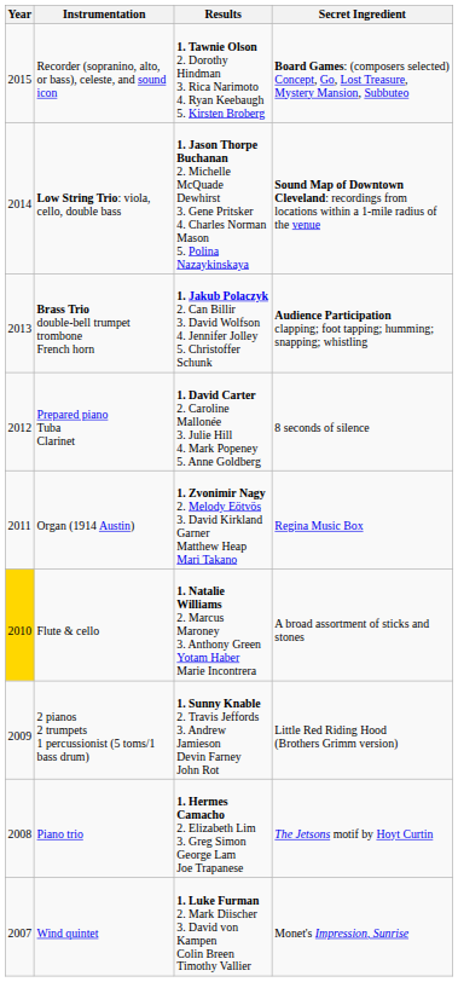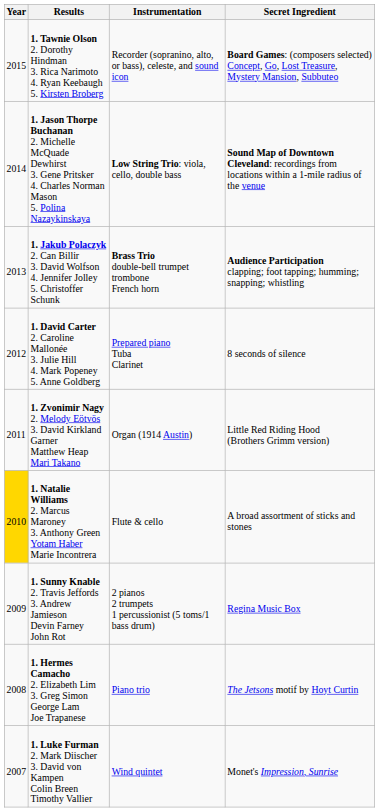 <table class="wikitable">
 <tr>
 <th>Year</th>
+<th>Results</th>
 <th>Instrumentation</th>
-<th>Results</th>
 <th>Secret Ingredient</th>
 </tr>
 <tr>
 <td><br>2015</td>
+<td><br><strong>1. Tawnie Olson</strong><br>2. Dorothy Hindman<br>3. Rica Narimoto<br>4. Ryan Keebaugh<br>5. <a href='#'>Kirsten Broberg</a></td>
 <td><br>Recorder (sopranino, alto, or bass), celeste, and <a href='#'>sound icon</a></td>
-<td><br><strong>1. Tawnie Olson</strong><br>2. Dorothy Hindman<br>3. Rica Narimoto<br>4. Ryan Keebaugh<br>5. <a href='#'>Kirsten Broberg</a></td>
 <td><br><strong>Board Games</strong>: (composers selected) <a href='#'>Concept</a>, <a href='#'>Go</a>, <a href='#'>Lost Treasure</a>, <a href='#'>Mystery Mansion</a>, <a href='#'>Subbuteo</a></td>
 </tr>
 <tr>
 <td><br>2014</td>
+<td><br><strong>1. Jason Thorpe Buchanan</strong><br>2. Michelle McQuade Dewhirst<br>3. Gene Pritsker<br>4. Charles Norman Mason<br>5. <a href='#'>Polina Nazaykinskaya</a></td>
 <td><br><strong>Low String Trio</strong>: viola, cello, double bass</td>
-<td><br><strong>1. Jason Thorpe Buchanan</strong><br>2. Michelle McQuade Dewhirst<br>3. Gene Pritsker<br>4. Charles Norman Mason<br>5. <a href='#'>Polina Nazaykinskaya</a></td>
 <td><br><strong>Sound Map of Downtown Cleveland</strong>: recordings from locations within a 1-mile radius of the <a href='#'>venue</a></td>
 </tr>
 <tr>
 <td><br>2013</td>
+<td><br><strong>1. <a href='#'>Jakub Polaczyk</a></strong><br>2. Can Billir<br>3. David Wolfson<br>4. Jennifer Jolley<br>5. Christoffer Schunk</td>
 <td><br><strong>Brass Trio </strong><br>double-bell trumpet<br>trombone<br>French horn</td>
-<td><br><strong>1. <a href='#'>Jakub Polaczyk</a></strong><br>2. Can Billir<br>3. David Wolfson<br>4. Jennifer Jolley<br>5. Christoffer Schunk</td>
 <td><br><strong>Audience Participation</strong><br>clapping; foot tapping; humming;<br>snapping; whistling</td>
 </tr>
 <tr>
 <td><br>2012</td>
+<td><br><strong>1. David Carter</strong><br>2. Caroline Mallonée<br>3. Julie Hill<br>4. Mark Popeney<br>5. Anne Goldberg</td>
 <td><br><a href='#'>Prepared piano</a><br>Tuba<br>Clarinet</td>
-<td><br><strong>1. David Carter</strong><br>2. Caroline Mallonée<br>3. Julie Hill<br>4. Mark Popeney<br>5. Anne Goldberg</td>
 <td><br>8 seconds of silence</td>
 </tr>
 <tr>
 <td><br>2011</td>
+<td><br><strong>1. Zvonimir Nagy</strong><br>2. <a href='#'>Melody Eötvös</a><br>3. David Kirkland Garner<br>Matthew Heap<br><a href='#'>Mari Takano</a></td>
 <td><br>Organ (1914 <a href='#'>Austin</a>)</td>
-<td><br><strong>1. Zvonimir Nagy</strong><br>2. <a href='#'>Melody Eötvös</a><br>3. David Kirkland Garner<br>Matthew Heap<br><a href='#'>Mari Takano</a></td>
-<td><br><a href='#'>Regina Music Box</a></td>
+<td><br>Little Red Riding Hood<br>(Brothers Grimm version)</td>
 </tr>
 <tr>
 <td style="background: gold;"><br>2010</td>
+<td><br><strong>1. Natalie Williams</strong><br>2. Marcus Maroney<br>3. Anthony Green<br><a href='#'>Yotam Haber</a><br>Marie Incontrera</td>
 <td><br>Flute & cello</td>
-<td><br><strong>1. Natalie Williams</strong><br>2. Marcus Maroney<br>3. Anthony Green<br><a href='#'>Yotam Haber</a><br>Marie Incontrera</td>
 <td><br>A broad assortment of sticks and stones</td>
 </tr>
 <tr>
 <td><br>2009</td>
+<td><br><strong>1. Sunny Knable</strong><br>2. Travis Jeffords<br>3. Andrew Jamieson<br>Devin Farney<br>John Rot</td>
 <td><br>2 pianos<br>2 trumpets<br>1 percussionist (5 toms/1 bass drum)</td>
-<td><br><strong>1. Sunny Knable</strong><br>2. Travis Jeffords<br>3. Andrew Jamieson<br>Devin Farney<br>John Rot</td>
-<td><br>Little Red Riding Hood<br>(Brothers Grimm version)</td>
+<td><br><a href='#'>Regina Music Box</a></td>
 </tr>
 <tr>
 <td><br>2008</td>
+<td><br><strong>1. Hermes Camacho</strong><br>2. Elizabeth Lim<br>3. Greg Simon<br>George Lam<br>Joe Trapanese</td>
 <td><br><a href='#'>Piano trio</a></td>
-<td><br><strong>1. Hermes Camacho</strong><br>2. Elizabeth Lim<br>3. Greg Simon<br>George Lam<br>Joe Trapanese</td>
 <td><br><em><a href='#'>The Jetsons</a></em> motif by <a href='#'>Hoyt Curtin</a></td>
 </tr>
 <tr>
 <td><br>2007</td>
+<td><br><strong>1. Luke Furman</strong><br>2. Mark Diischer<br>3. David von Kampen<br>Colin Breen<br>Timothy Vallier</td>
 <td><br><a href='#'>Wind quintet</a></td>
-<td><br><strong>1. Luke Furman</strong><br>2. Mark Diischer<br>3. David von Kampen<br>Colin Breen<br>Timothy Vallier</td>
 <td><br>Monet's <em><a href='#'>Impression, Sunrise</a></em></td>
 </tr>
 </table>
